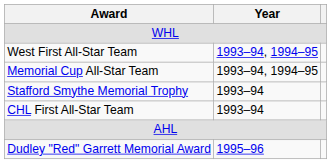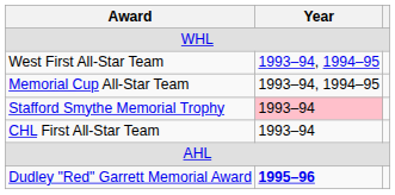 <table class="wikitable">
 <tr>
 <th>Award</th>
 <th>Year</th>
 <th></th>
 </tr>
 <tr ALIGN="center" bgcolor="#e0e0e0">
 <td colspan="3"><a href='#'>WHL</a></td>
 </tr>
 <tr>
 <td>West First All-Star Team</td>
 <td><a href='#'>1993–94</a>, <a href='#'>1994–95</a></td>
 <td></td>
 </tr>
 <tr>
 <td><a href='#'>Memorial Cup</a> All-Star Team</td>
 <td>1993–94, 1994–95</td>
 <td></td>
 </tr>
 <tr>
 <td><a href='#'>Stafford Smythe Memorial Trophy</a></td>
-<td>1993–94</td>
+<td style="background: pink;">1993–94</td>
 <td></td>
 </tr>
 <tr>
 <td><a href='#'>CHL</a> First All-Star Team</td>
 <td>1993–94</td>
 <td></td>
 </tr>
 <tr ALIGN="center" bgcolor="#e0e0e0">
 <td colspan="3"><a href='#'>AHL</a></td>
 </tr>
 <tr>
 <td><a href='#'>Dudley "Red" Garrett Memorial Award</a></td>
-<td><a href='#'>1995–96</a></td>
+<td><strong><a href='#'>1995–96</a></strong></td>
 <td></td>
 </tr>
 </table>
